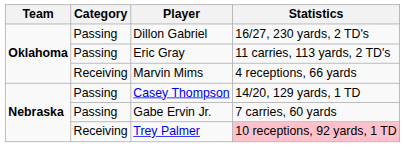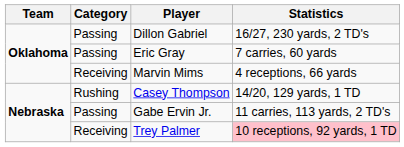 <table class="wikitable" style="float: right;">
 <tr>
 <th>Team</th>
 <th>Category</th>
 <th>Player</th>
 <th>Statistics</th>
 </tr>
 <tr>
 <td rowspan=3><strong>Oklahoma</strong></td>
 <td>Passing</td>
 <td>Dillon Gabriel</td>
 <td>16/27, 230 yards, 2 TD's</td>
 </tr>
 <tr>
 <td>Passing</td>
 <td>Eric Gray</td>
-<td>11 carries, 113 yards, 2 TD's</td>
+<td>7 carries, 60 yards</td>
 </tr>
 <tr>
 <td>Receiving</td>
 <td>Marvin Mims</td>
 <td>4 receptions, 66 yards</td>
 </tr>
 <tr>
 <td rowspan=3><strong>Nebraska</strong></td>
-<td>Passing</td>
+<td>Rushing</td>
 <td><a href='#'>Casey Thompson</a></td>
 <td>14/20, 129 yards, 1 TD</td>
 </tr>
 <tr>
 <td>Passing</td>
 <td>Gabe Ervin Jr.</td>
-<td>7 carries, 60 yards</td>
+<td>11 carries, 113 yards, 2 TD's</td>
 </tr>
 <tr>
 <td>Receiving</td>
 <td><a href='#'>Trey Palmer</a></td>
 <td style="background: pink;">10 receptions, 92 yards, 1 TD</td>
 </tr>
 </table>
